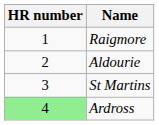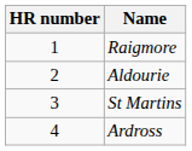 <table class="wikitable">
 <tr>
 <th>HR number</th>
 <th>Name</th>
 </tr>
 <tr>
 <td style="text-align: center;">1</td>
 <td><em>Raigmore</em></td>
 </tr>
 <tr>
 <td style="text-align: center;">2</td>
 <td><em>Aldourie</em></td>
 </tr>
 <tr>
 <td style="text-align: center;">3</td>
 <td><em>St Martins</em></td>
 </tr>
 <tr>
-<td style="background: lightgreen; text-align: center;">4</td>
+<td style="text-align: center;">4</td>
 <td><em>Ardross</em></td>
 </tr>
 </table>
